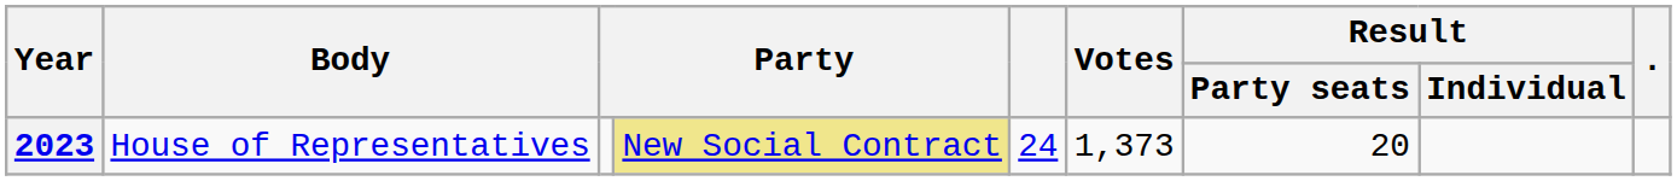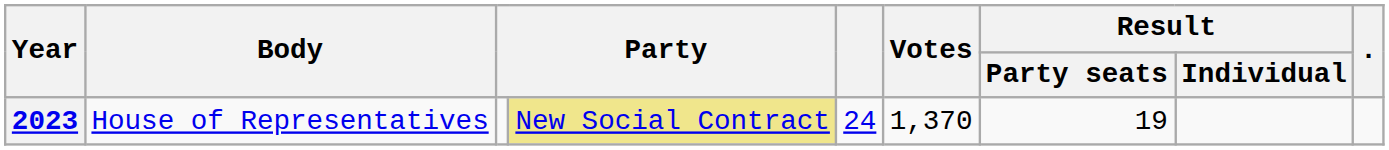 <table class="wikitable plainrowheaders sortable" border=2 cellpadding=4 cellspacing=0 style="border: 1px #aaa solid; font-size: 90%; text-align:center;">
 <tr>
 <th scope="col" rowspan=2>Year</th>
 <th scope="col" rowspan=2>Body</th>
 <th scope="col" colspan=2 rowspan=2>Party</th>
 <th scope="col" rowspan=2></th>
 <th scope="col" rowspan=2>Votes</th>
 <th scope="colgroup" colspan=2>Result</th>
 <th scope="col" rowspan=2 class="unsortable">.</th>
 </tr>
 <tr>
 <th scope="col">Party seats</th>
 <th scope="col">Individual</th>
 </tr>
 <tr>
 <th scope="row"><a href='#'>2023</a></th>
 <td><a href='#'>House of Representatives</a></td>
 <td style="background-color:"></td>
 <td style="background: khaki;"><a href='#'>New Social Contract</a></td>
 <td style=text-align:right><a href='#'>24</a></td>
-<td style=text-align:right>1,373</td>
-<td style=text-align:right>20</td>
+<td style=text-align:right>1,370</td>
+<td style=text-align:right>19</td>
 <td></td>
 <td></td>
 </tr>
 </table>
